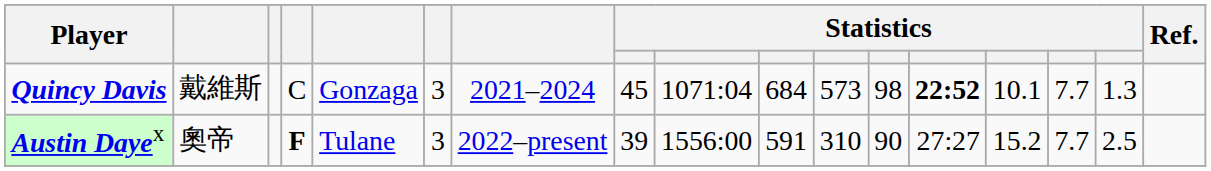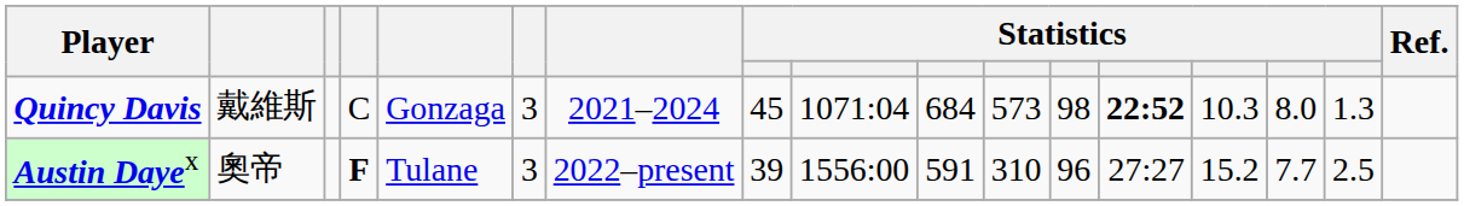 <table class="wikitable sortable" style="font-size:95%; text-align:right;">
 <tr>
 <th rowspan="2">Player</th>
 <th rowspan="2"></th>
 <th rowspan="2"></th>
 <th rowspan="2"></th>
 <th rowspan="2"></th>
 <th rowspan="2"></th>
 <th rowspan="2"></th>
 <th colspan="9">Statistics</th>
 <th rowspan="2">Ref.</th>
 </tr>
 <tr>
 <th></th>
 <th></th>
 <th></th>
 <th></th>
 <th></th>
 <th></th>
 <th></th>
 <th></th>
 <th></th>
 </tr>
 <tr>
 <td align="left"><strong><em><a href='#'>Quincy Davis</a></em></strong></td>
 <td align="left">戴維斯</td>
 <td align="center"></td>
 <td align="center">C</td>
 <td align="left"><a href='#'>Gonzaga</a></td>
 <td align="center">3</td>
 <td align="center"><a href='#'>2021</a>–<a href='#'>2024</a></td>
 <td>45</td>
 <td>1071:04</td>
 <td>684</td>
 <td>573</td>
 <td>98</td>
 <td><strong>22:52</strong></td>
-<td>10.1</td>
-<td>7.7</td>
+<td>10.3</td>
+<td>8.0</td>
 <td>1.3</td>
 <td align="center"></td>
 </tr>
 <tr>
 <td align="left" bgcolor="#CCFFCC"><strong><em><a href='#'>Austin Daye</a></em></strong><sup>x</sup></td>
 <td align="left">奧帝</td>
 <td align="center"></td>
 <td align="center"><strong>F</strong></td>
 <td align="left"><a href='#'>Tulane</a></td>
 <td align="center">3</td>
 <td align="center"><a href='#'>2022</a>–<a href='#'>present</a></td>
 <td>39</td>
 <td>1556:00</td>
 <td>591</td>
 <td>310</td>
-<td>90</td>
+<td>96</td>
 <td>27:27</td>
 <td>15.2</td>
 <td>7.7</td>
 <td>2.5</td>
 <td align="center"></td>
 </tr>
 </table>
